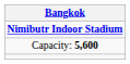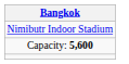 <table class="wikitable" style="text-align:center;">
 <tr>
 <th><a href='#'>Bangkok</a></th>
 </tr>
 <tr>
-<td><strong><a href='#'>Nimibutr Indoor Stadium</a></strong></td>
+<td><a href='#'>Nimibutr Indoor Stadium</a></td>
 </tr>
 <tr>
 <td>Capacity: <strong>5,600</strong></td>
 </tr>
 <tr>
 <td></td>
 </tr>
 </table>
